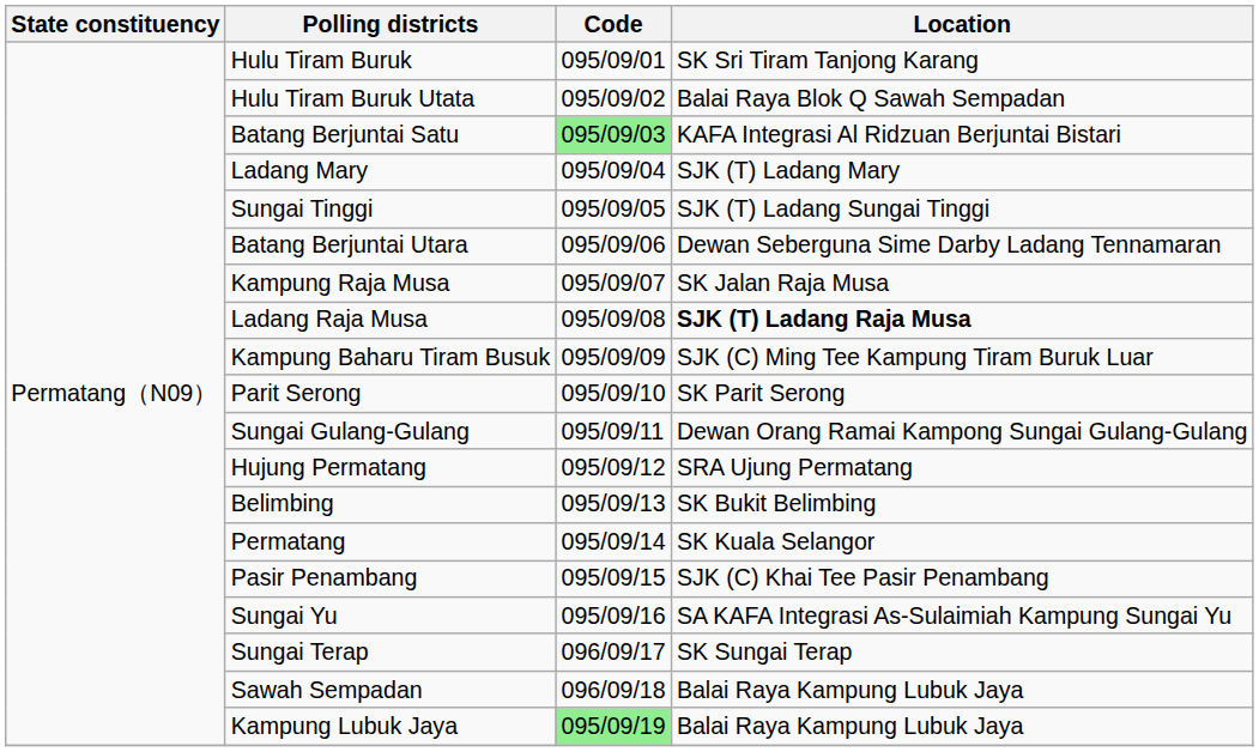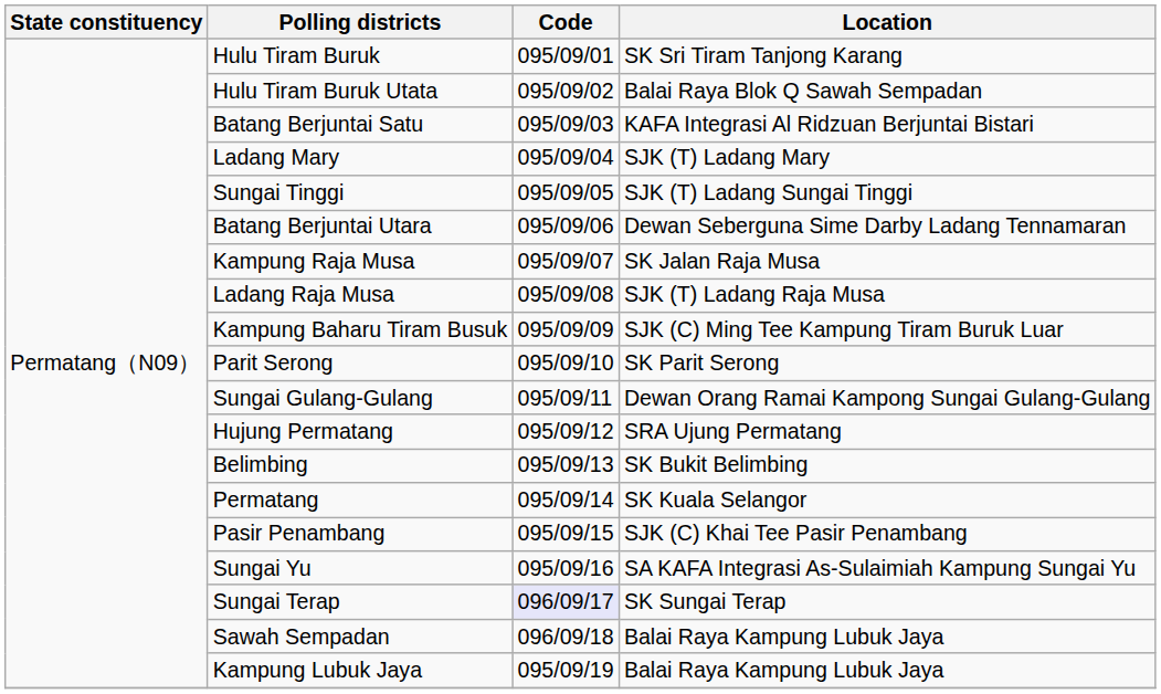 <table class="wikitable sortable mw-collapsible" style="white-space:nowrap;font-size:85%">
 <tr>
 <th>State constituency</th>
 <th>Polling districts</th>
 <th>Code</th>
 <th>Location</th>
 </tr>
 <tr>
 <td rowspan="19">Permatang（N09）</td>
 <td>Hulu Tiram Buruk</td>
 <td>095/09/01</td>
 <td>SK Sri Tiram Tanjong Karang</td>
 </tr>
 <tr>
 <td>Hulu Tiram Buruk Utata</td>
 <td>095/09/02</td>
 <td>Balai Raya Blok Q Sawah Sempadan</td>
 </tr>
 <tr>
 <td>Batang Berjuntai Satu</td>
-<td style="background: lightgreen;">095/09/03</td>
+<td>095/09/03</td>
 <td>KAFA Integrasi Al Ridzuan Berjuntai Bistari</td>
 </tr>
 <tr>
 <td>Ladang Mary</td>
 <td>095/09/04</td>
 <td>SJK (T) Ladang Mary</td>
 </tr>
 <tr>
 <td>Sungai Tinggi</td>
 <td>095/09/05</td>
 <td>SJK (T) Ladang Sungai Tinggi</td>
 </tr>
 <tr>
 <td>Batang Berjuntai Utara</td>
 <td>095/09/06</td>
 <td>Dewan Seberguna Sime Darby Ladang Tennamaran</td>
 </tr>
 <tr>
 <td>Kampung Raja Musa</td>
 <td>095/09/07</td>
 <td>SK Jalan Raja Musa</td>
 </tr>
 <tr>
 <td>Ladang Raja Musa</td>
 <td>095/09/08</td>
-<td><strong>SJK (T) Ladang Raja Musa</strong></td>
+<td>SJK (T) Ladang Raja Musa</td>
 </tr>
 <tr>
 <td>Kampung Baharu Tiram Busuk</td>
 <td>095/09/09</td>
 <td>SJK (C) Ming Tee Kampung Tiram Buruk Luar</td>
 </tr>
 <tr>
 <td>Parit Serong</td>
 <td>095/09/10</td>
 <td>SK Parit Serong</td>
 </tr>
 <tr>
 <td>Sungai Gulang-Gulang</td>
 <td>095/09/11</td>
 <td>Dewan Orang Ramai Kampong Sungai Gulang-Gulang</td>
 </tr>
 <tr>
 <td>Hujung Permatang</td>
 <td>095/09/12</td>
 <td>SRA Ujung Permatang</td>
 </tr>
 <tr>
 <td>Belimbing</td>
 <td>095/09/13</td>
 <td>SK Bukit Belimbing</td>
 </tr>
 <tr>
 <td>Permatang</td>
 <td>095/09/14</td>
 <td>SK Kuala Selangor</td>
 </tr>
 <tr>
 <td>Pasir Penambang</td>
 <td>095/09/15</td>
 <td>SJK (C) Khai Tee Pasir Penambang</td>
 </tr>
 <tr>
 <td>Sungai Yu</td>
 <td>095/09/16</td>
 <td>SA KAFA Integrasi As-Sulaimiah Kampung Sungai Yu</td>
 </tr>
 <tr>
 <td>Sungai Terap</td>
-<td>096/09/17</td>
+<td style="background: lavender;">096/09/17</td>
 <td>SK Sungai Terap</td>
 </tr>
 <tr>
 <td>Sawah Sempadan</td>
 <td>096/09/18</td>
 <td>Balai Raya Kampung Lubuk Jaya</td>
 </tr>
 <tr>
 <td>Kampung Lubuk Jaya</td>
-<td style="background: lightgreen;">095/09/19</td>
+<td>095/09/19</td>
 <td>Balai Raya Kampung Lubuk Jaya</td>
 </tr>
 <tr>
 </tr>
 </table>
